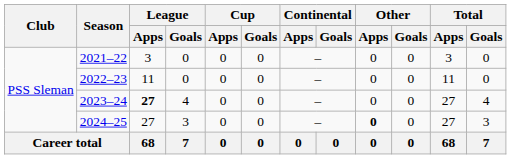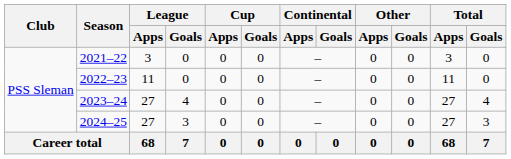 <table class="wikitable" style="text-align: center">
 <tr>
 <th rowspan="2">Club</th>
 <th rowspan="2">Season</th>
 <th colspan="2">League</th>
 <th colspan="2">Cup</th>
 <th colspan="2">Continental</th>
 <th colspan="2">Other</th>
 <th colspan="2">Total</th>
 </tr>
 <tr>
 <th>Apps</th>
 <th>Goals</th>
 <th>Apps</th>
 <th>Goals</th>
 <th>Apps</th>
 <th>Goals</th>
 <th>Apps</th>
 <th>Goals</th>
 <th>Apps</th>
 <th>Goals</th>
 </tr>
 <tr>
 <td rowspan="4"><a href='#'>PSS Sleman</a></td>
 <td><a href='#'>2021–22</a></td>
 <td>3</td>
 <td>0</td>
 <td>0</td>
 <td>0</td>
 <td colspan="2">–</td>
 <td>0</td>
 <td>0</td>
 <td>3</td>
 <td>0</td>
 </tr>
 <tr>
 <td><a href='#'>2022–23</a></td>
 <td>11</td>
 <td>0</td>
 <td>0</td>
 <td>0</td>
 <td colspan=2>–</td>
 <td>0</td>
 <td>0</td>
 <td>11</td>
 <td>0</td>
 </tr>
 <tr>
 <td><a href='#'>2023–24</a></td>
-<td><strong>27</strong></td>
+<td>27</td>
 <td>4</td>
 <td>0</td>
 <td>0</td>
 <td colspan="2">–</td>
 <td>0</td>
 <td>0</td>
 <td>27</td>
 <td>4</td>
 </tr>
 <tr>
 <td><a href='#'>2024–25</a></td>
 <td>27</td>
 <td>3</td>
 <td>0</td>
 <td>0</td>
 <td colspan="2">–</td>
-<td><strong>0</strong></td>
+<td>0</td>
 <td>0</td>
 <td>27</td>
 <td>3</td>
 </tr>
 <tr>
 <th colspan=2>Career total</th>
 <th>68</th>
 <th>7</th>
 <th>0</th>
 <th>0</th>
 <th>0</th>
 <th>0</th>
 <th>0</th>
 <th>0</th>
 <th>68</th>
 <th>7</th>
 </tr>
 </table>
